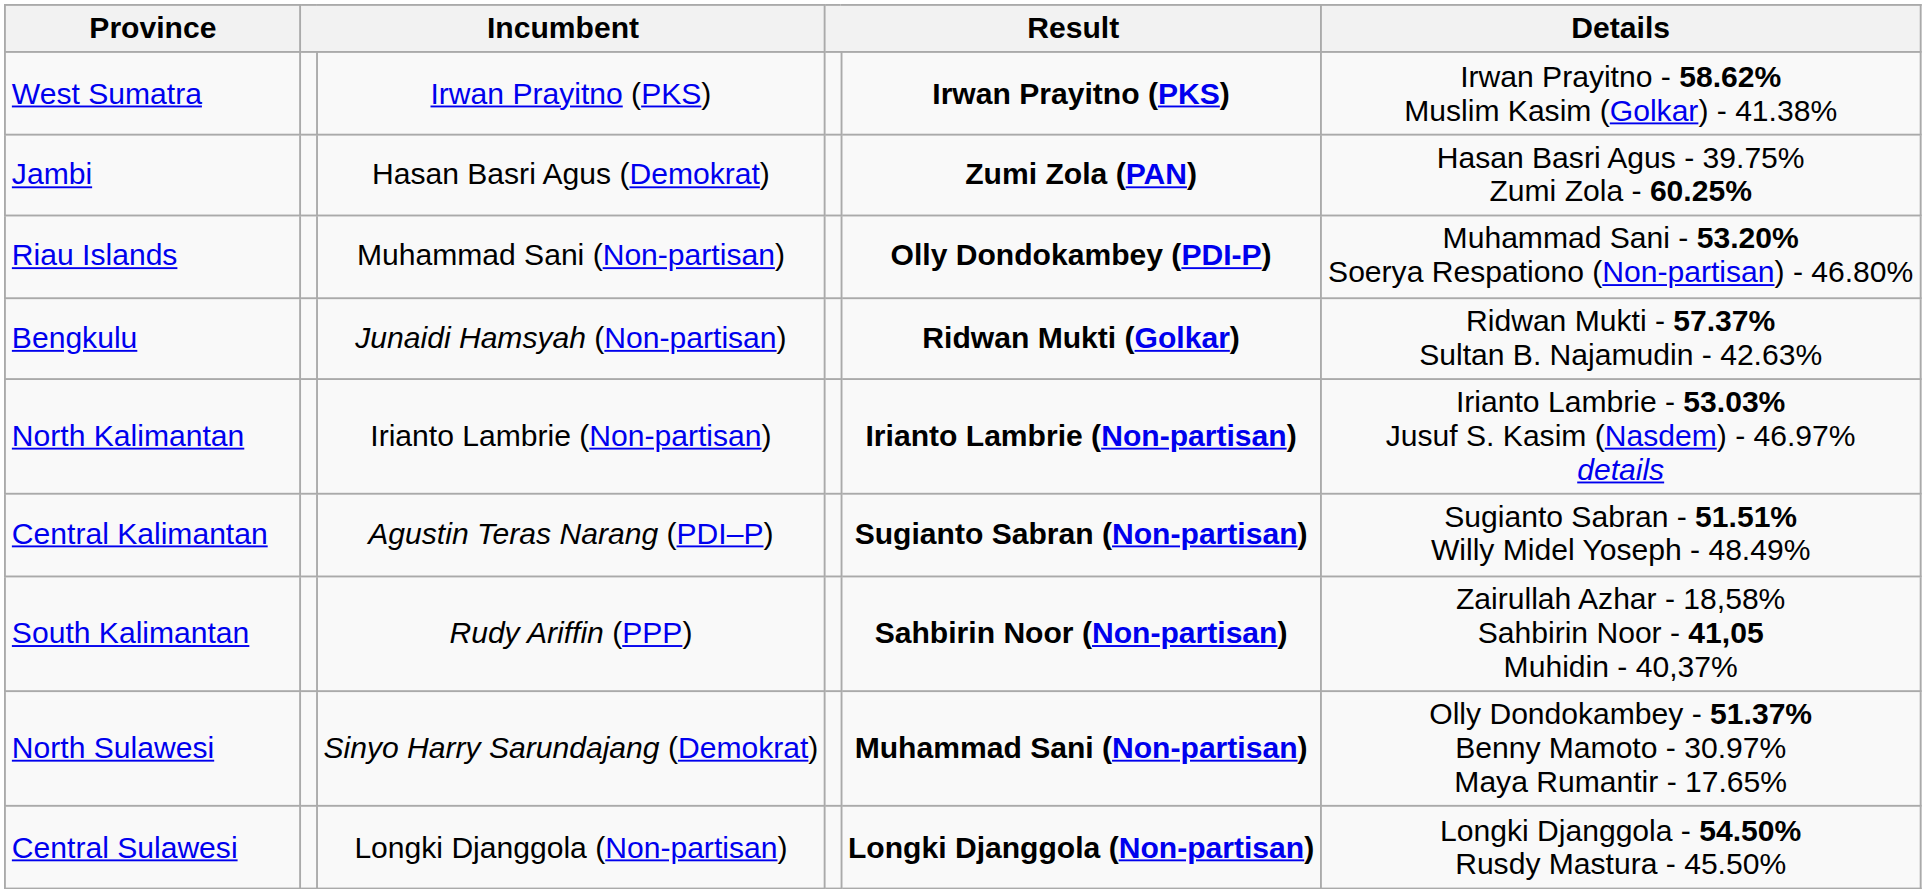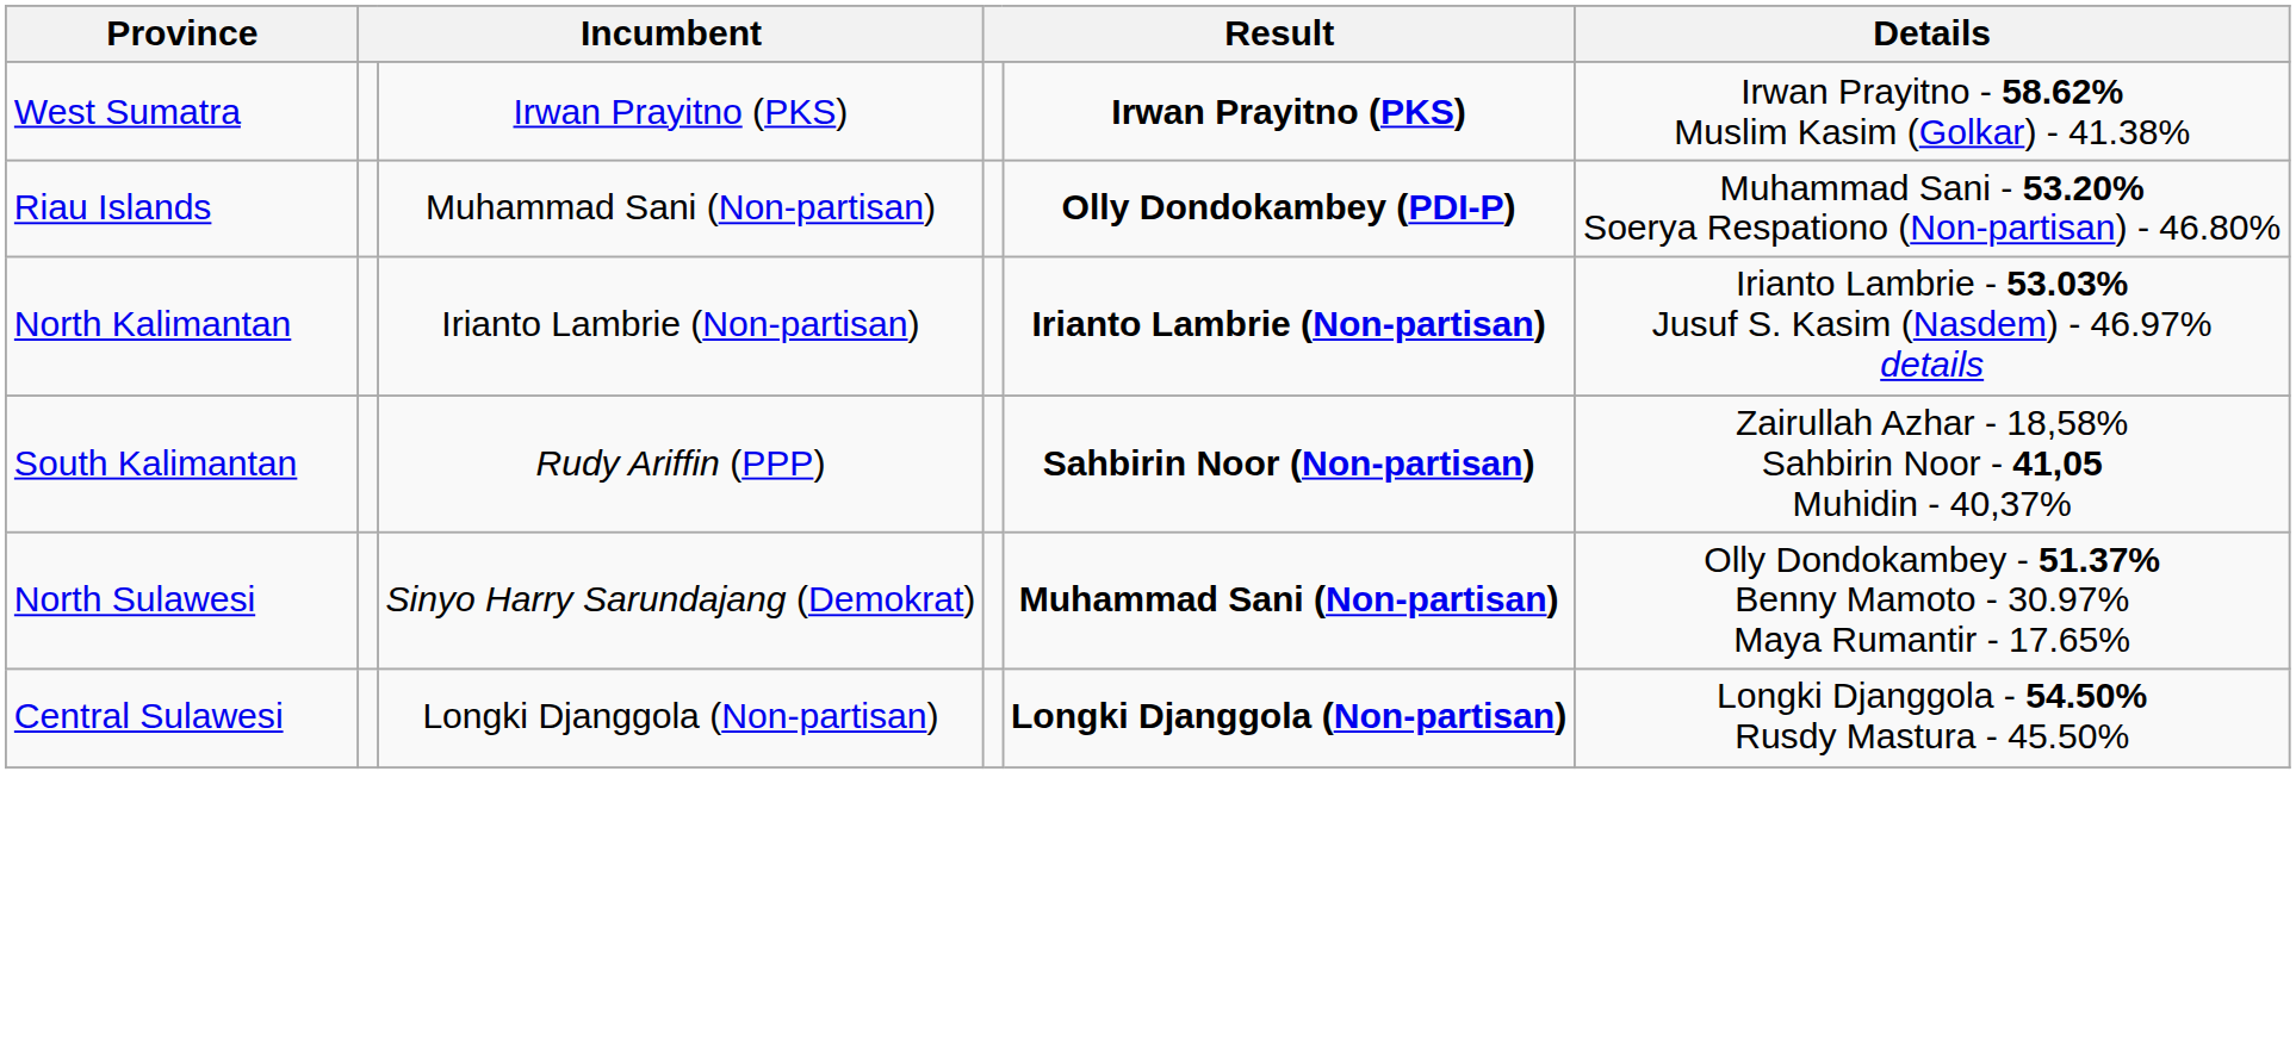 <table class="wikitable sortable" style="text-align:center">
 <tr style="text-align:center">
 <th style="width:150px;">Province</th>
 <th style="width:200px;" colspan="2">Incumbent</th>
 <th style="width:200px;" colspan="2">Result</th>
 <th>Details</th>
 </tr>
 <tr>
 <td style="text-align:left"><a href='#'>West Sumatra</a></td>
 <td width="1"></td>
 <td><a href='#'>Irwan Prayitno</a> (<a href='#'>PKS</a>)</td>
 <td width="1"></td>
 <td><strong>Irwan Prayitno (<a href='#'>PKS</a>)</strong></td>
 <td>Irwan Prayitno - <strong>58.62%</strong> <br> Muslim Kasim (<a href='#'>Golkar</a>) - 41.38%</td>
 </tr>
 <tr>
-<td style="text-align:left"><a href='#'>Jambi</a></td>
-<td width="1"></td>
-<td>Hasan Basri Agus (<a href='#'>Demokrat</a>)</td>
-<td width="1"></td>
-<td><strong>Zumi Zola (<a href='#'>PAN</a>)</strong></td>
-<td>Hasan Basri Agus - 39.75% <br> Zumi Zola - <strong>60.25%</strong></td>
-</tr>
-<tr>
 <td style="text-align:left"><a href='#'>Riau Islands</a></td>
 <td width="1"></td>
 <td>Muhammad Sani (<a href='#'>Non-partisan</a>)</td>
 <td width="1"></td>
 <td><strong>Olly Dondokambey (<a href='#'>PDI-P</a>)</strong></td>
 <td>Muhammad Sani - <strong>53.20%</strong> <br> Soerya Respationo (<a href='#'>Non-partisan</a>) - 46.80%</td>
 </tr>
 <tr>
-<td style="text-align:left"><a href='#'>Bengkulu</a></td>
-<td width="1"></td>
-<td><em>Junaidi Hamsyah</em> (<a href='#'>Non-partisan</a>)</td>
-<td width="1"></td>
-<td><strong>Ridwan Mukti (<a href='#'>Golkar</a>)</strong></td>
-<td>Ridwan Mukti - <strong>57.37%</strong> <br> Sultan B. Najamudin - 42.63%</td>
-</tr>
-<tr>
 <td style="text-align:left"><a href='#'>North Kalimantan</a></td>
 <td width="1"></td>
 <td>Irianto Lambrie (<a href='#'>Non-partisan</a>)</td>
 <td width="1"></td>
 <td><strong>Irianto Lambrie (<a href='#'>Non-partisan</a>)</strong></td>
 <td>Irianto Lambrie - <strong>53.03%</strong> <br> Jusuf S. Kasim (<a href='#'>Nasdem</a>) - 46.97%<br><em><a href='#'>details</a></em></td>
-</tr>
-<tr>
-<td style="text-align:left"><a href='#'>Central Kalimantan</a></td>
-<td width="1"></td>
-<td><em>Agustin Teras Narang</em> (<a href='#'>PDI–P</a>)</td>
-<td width="1"></td>
-<td><strong>Sugianto Sabran (<a href='#'>Non-partisan</a>)</strong></td>
-<td>Sugianto Sabran - <strong>51.51%</strong> <br> Willy Midel Yoseph - 48.49%</td>
 </tr>
 <tr>
 <td style="text-align:left"><a href='#'>South Kalimantan</a></td>
 <td width="1"></td>
 <td><em>Rudy Ariffin</em> (<a href='#'>PPP</a>)</td>
 <td width="1"></td>
 <td><strong>Sahbirin Noor (<a href='#'>Non-partisan</a>)</strong></td>
 <td>Zairullah Azhar - 18,58% <br> Sahbirin Noor - <strong>41,05</strong> <br> Muhidin - 40,37%</td>
 </tr>
 <tr>
 <td style="text-align:left"><a href='#'>North Sulawesi</a></td>
 <td width="1"></td>
 <td><em>Sinyo Harry Sarundajang</em> (<a href='#'>Demokrat</a>)</td>
 <td width="1"></td>
 <td><strong>Muhammad Sani (<a href='#'>Non-partisan</a>)</strong></td>
 <td>Olly Dondokambey - <strong>51.37%</strong> <br> Benny Mamoto - 30.97% <br> Maya Rumantir - 17.65%</td>
 </tr>
 <tr>
 <td style="text-align:left"><a href='#'>Central Sulawesi</a></td>
 <td width="1"></td>
 <td>Longki Djanggola (<a href='#'>Non-partisan</a>)</td>
 <td width="1"></td>
 <td><strong>Longki Djanggola (<a href='#'>Non-partisan</a>)</strong></td>
 <td>Longki Djanggola - <strong>54.50%</strong> <br> Rusdy Mastura - 45.50%</td>
 </tr>
 </table>
